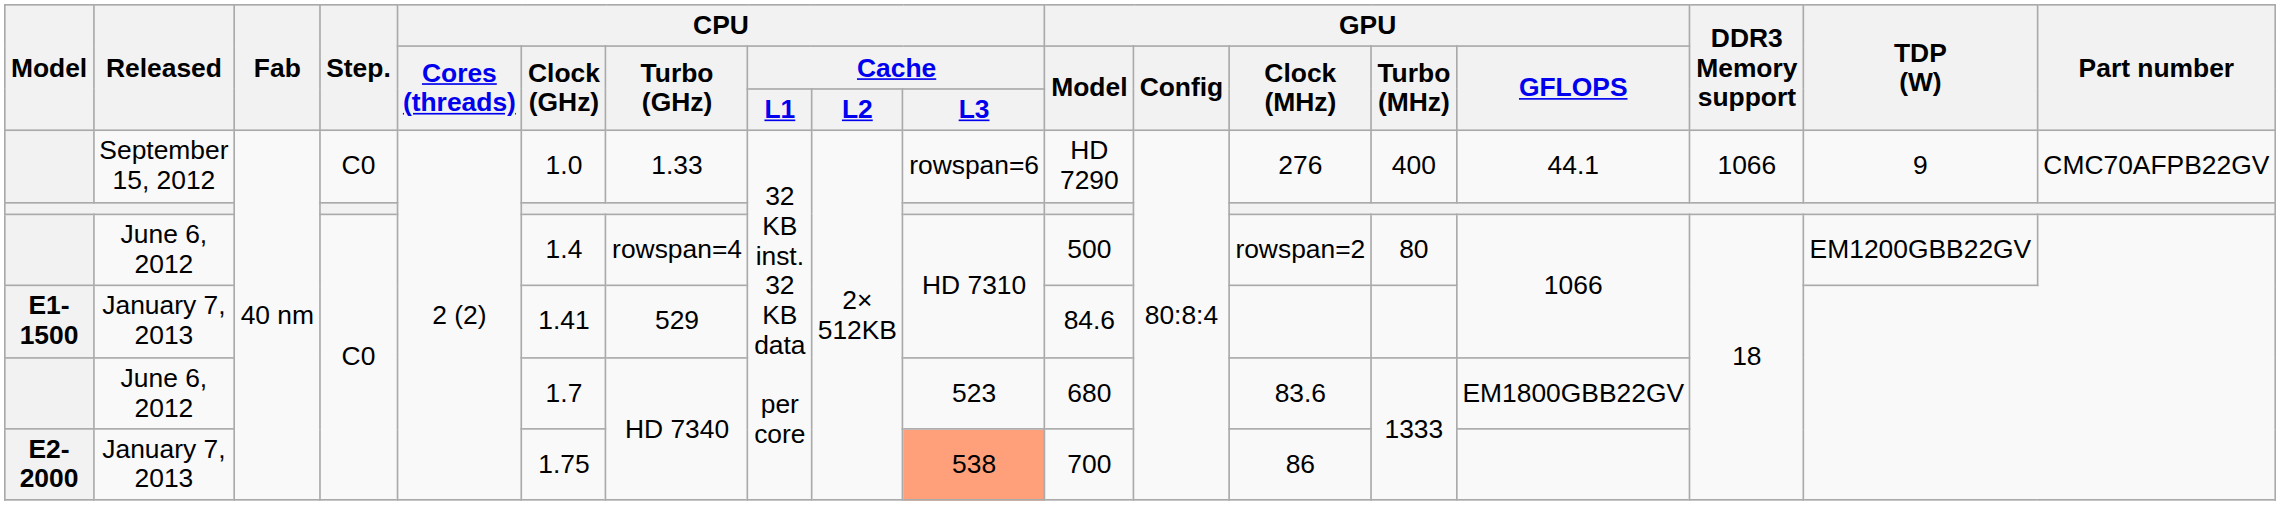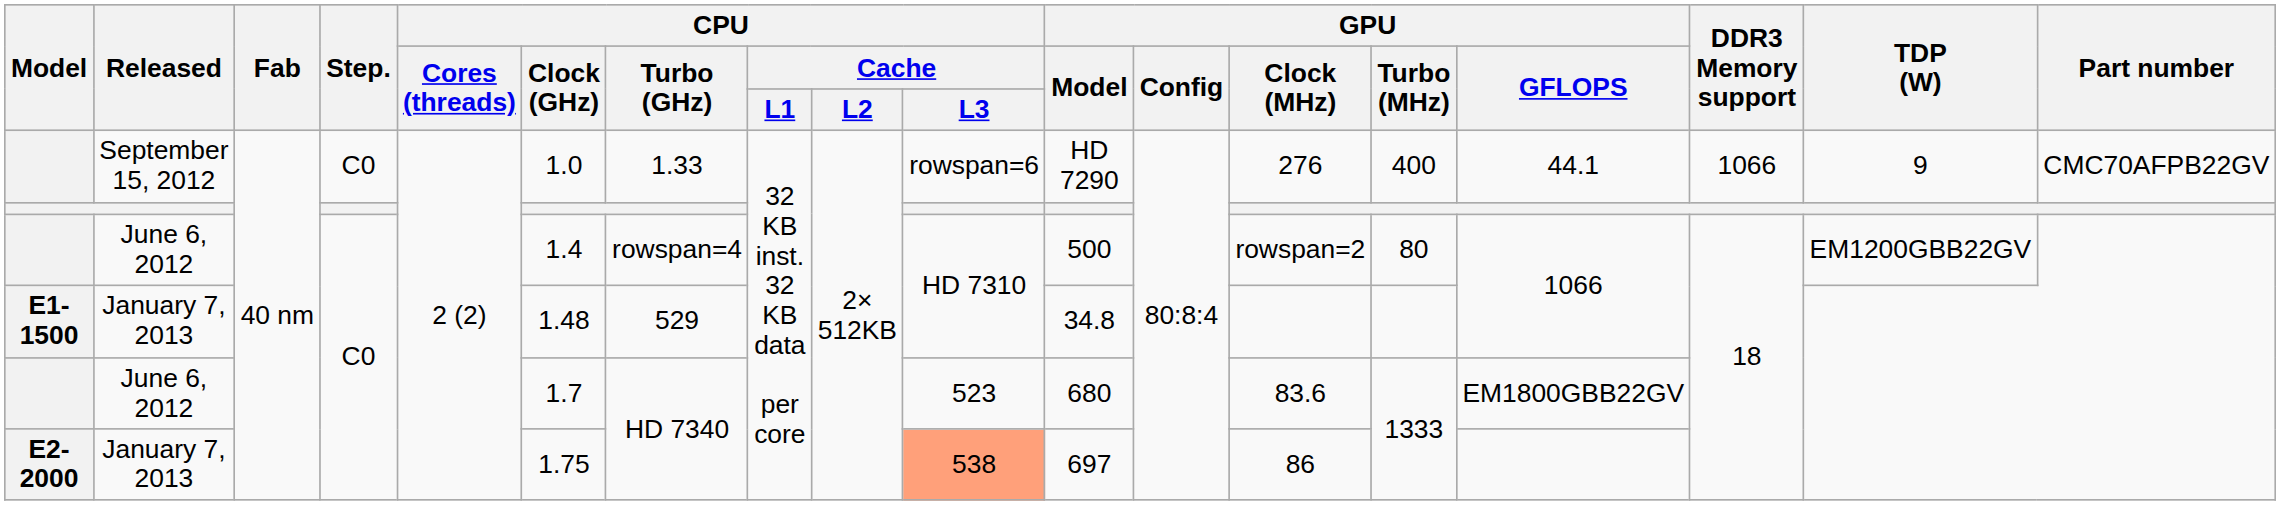 <table class="wikitable sortable sort-under" style="text-align: center">
 <tr>
 <th rowspan=3>Model</th>
 <th rowspan=3>Released</th>
 <th rowspan=3>Fab</th>
 <th rowspan=3>Step.</th>
 <th colspan=6>CPU</th>
 <th colspan=5>GPU</th>
 <th rowspan=3>DDR3<br>Memory<br>support</th>
 <th rowspan=3>TDP<br>(W)</th>
 <th rowspan=3>Part number</th>
 </tr>
 <tr>
 <th rowspan=2><a href='#'>Cores</a><br><a href='#'>(threads)</a></th>
 <th rowspan=2>Clock<br>(GHz)</th>
 <th rowspan=2>Turbo<br>(GHz)</th>
 <th colspan=3><a href='#'>Cache</a></th>
 <th rowspan=2>Model</th>
 <th rowspan=2>Config</th>
 <th rowspan=2>Clock<br>(MHz)</th>
 <th rowspan=2>Turbo<br>(MHz)</th>
 <th rowspan=2><a href='#'>GFLOPS</a></th>
 </tr>
 <tr>
 <th><a href='#'>L1</a></th>
 <th><a href='#'>L2</a></th>
 <th><a href='#'>L3</a></th>
 </tr>
 <tr>
 <th></th>
 <td>September 15, 2012</td>
 <td rowspan=6>40 nm</td>
 <td>C0</td>
 <td rowspan=6>2 (2)</td>
 <td>1.0</td>
 <td>1.33</td>
 <td rowspan=6>32 KB inst.<br>32 KB data<br><br>per core</td>
 <td rowspan=6>2× 512KB</td>
 <td>rowspan=6 </td>
 <td>HD 7290</td>
 <td rowspan=6>80:8:4</td>
 <td>276</td>
 <td>400</td>
 <td>44.1</td>
 <td>1066</td>
 <td>9</td>
 <td>CMC70AFPB22GV</td>
 </tr>
 <tr>
 <th colspan="2"></th>
 <th></th>
 <th colspan="2"></th>
 <th></th>
 <th></th>
 <th colspan="6"></th>
 </tr>
 <tr>
 <th></th>
 <td>June 6, 2012</td>
 <td rowspan=4>C0</td>
 <td>1.4</td>
 <td>rowspan=4 </td>
 <td rowspan=2>HD 7310</td>
 <td>500</td>
 <td>rowspan=2 </td>
 <td>80</td>
 <td rowspan=2>1066</td>
 <td rowspan=4>18</td>
 <td>EM1200GBB22GV</td>
 </tr>
 <tr>
 <th>E1-1500</th>
 <td>January 7, 2013</td>
-<td>1.41</td>
+<td>1.48</td>
 <td>529</td>
-<td>84.6</td>
+<td>34.8</td>
 <td></td>
 </tr>
 <tr>
 <th></th>
 <td>June 6, 2012</td>
 <td>1.7</td>
 <td rowspan=2>HD 7340</td>
 <td>523</td>
 <td>680</td>
 <td>83.6</td>
 <td rowspan=2>1333</td>
 <td>EM1800GBB22GV</td>
 </tr>
 <tr>
 <th>E2-2000</th>
 <td>January 7, 2013</td>
 <td>1.75</td>
 <td style="background: lightsalmon;">538</td>
-<td>700</td>
+<td>697</td>
 <td>86</td>
 <td></td>
 </tr>
 </table>
